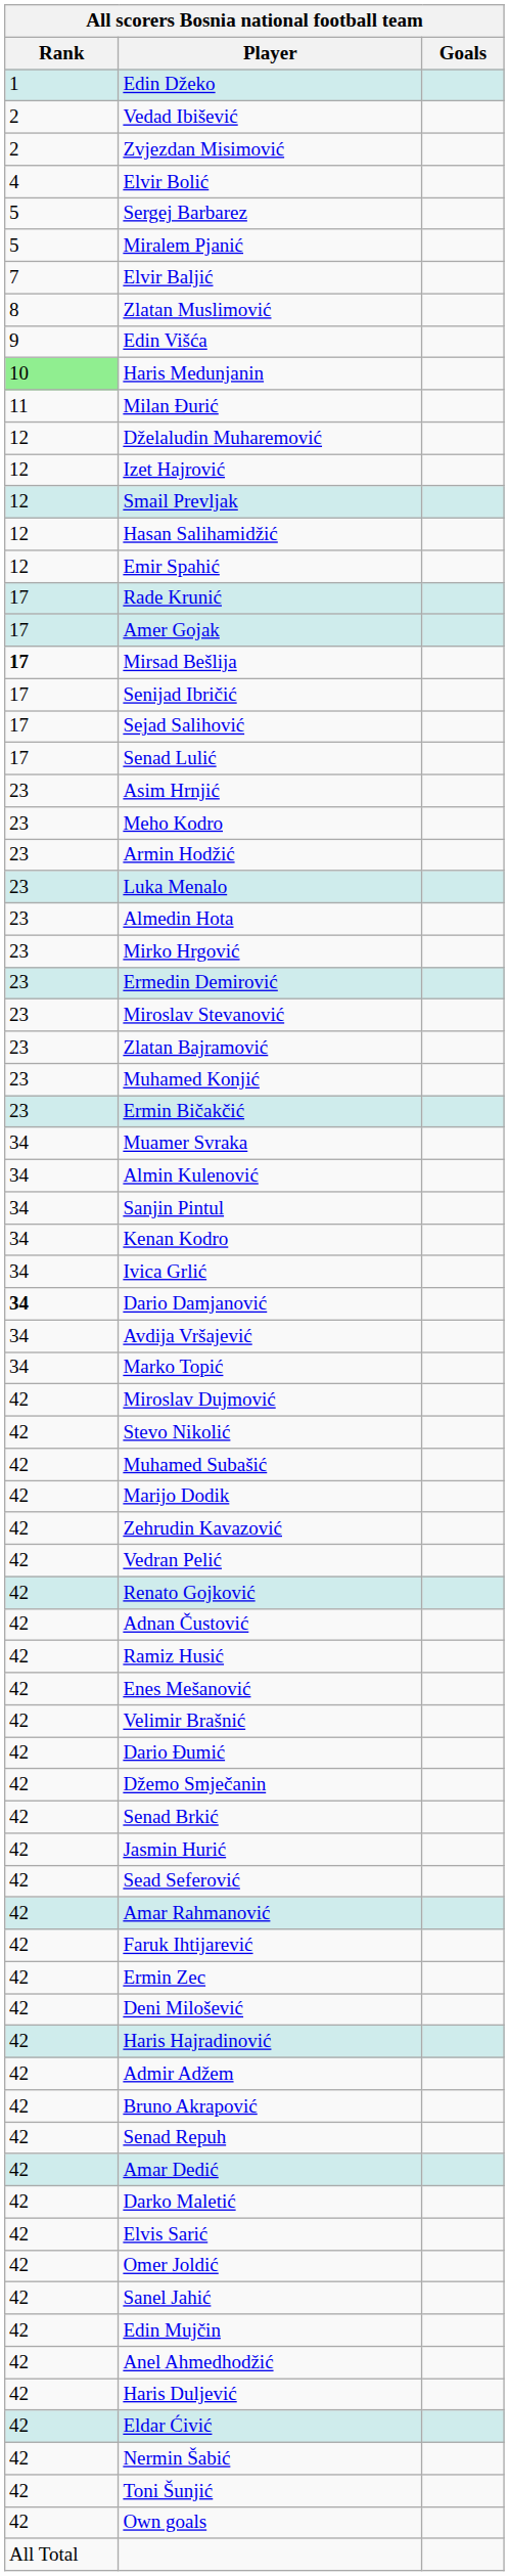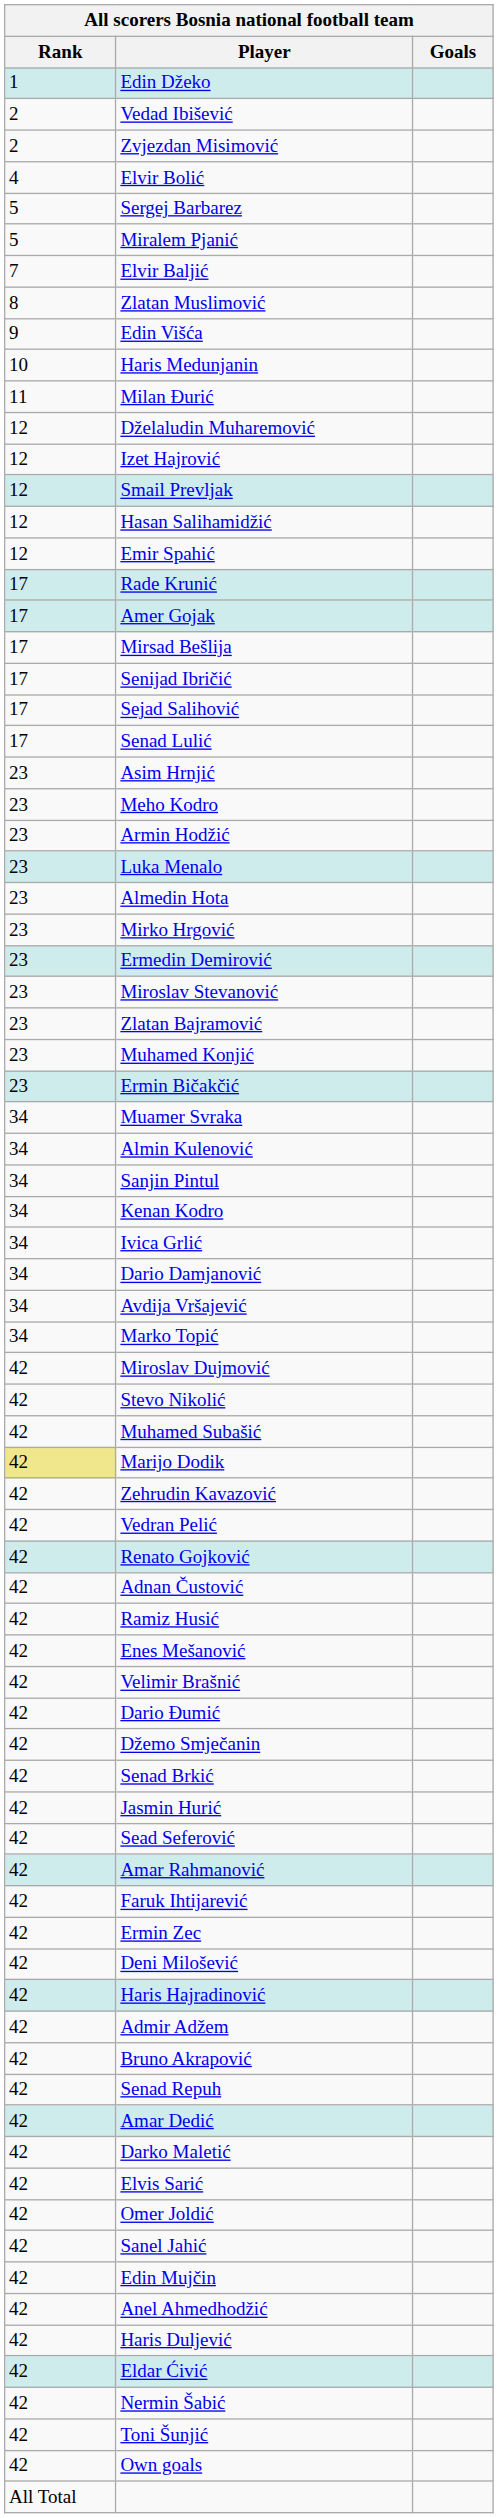 <table class="wikitable sortable collapsible" style="font-size: 90%" width=42%>
 <tr>
 <th colspan="3"><strong>All scorers Bosnia national football team</strong></th>
 </tr>
 <tr>
 <th>Rank</th>
 <th>Player</th>
 <th>Goals</th>
 </tr>
 <tr style="background:#cfecec;">
 <td>1</td>
 <td style="text-align: left;"><a href='#'>Edin Džeko</a></td>
 <td></td>
 </tr>
 <tr>
 <td>2</td>
 <td style="text-align: left;"><a href='#'>Vedad Ibišević</a></td>
 <td></td>
 </tr>
 <tr>
 <td>2</td>
 <td style="text-align: left;"><a href='#'>Zvjezdan Misimović</a></td>
 <td></td>
 </tr>
 <tr>
 <td>4</td>
 <td style="text-align: left;"><a href='#'>Elvir Bolić</a></td>
 <td></td>
 </tr>
 <tr>
 <td>5</td>
 <td style="text-align: left;"><a href='#'>Sergej Barbarez</a></td>
 <td></td>
 </tr>
 <tr>
 <td>5</td>
 <td style="text-align: left;"><a href='#'>Miralem Pjanić</a></td>
 <td></td>
 </tr>
 <tr>
 <td>7</td>
 <td style="text-align: left;"><a href='#'>Elvir Baljić</a></td>
 <td></td>
 </tr>
 <tr>
 <td>8</td>
 <td style="text-align: left;"><a href='#'>Zlatan Muslimović</a></td>
 <td></td>
 </tr>
 <tr>
 <td>9</td>
 <td style="text-align: left;"><a href='#'>Edin Višća</a></td>
 <td></td>
 </tr>
 <tr>
-<td style="background: lightgreen;">10</td>
+<td>10</td>
 <td style="text-align: left;"><a href='#'>Haris Medunjanin</a></td>
 <td></td>
 </tr>
 <tr>
 <td>11</td>
 <td style="text-align: left;"><a href='#'>Milan Đurić</a></td>
 <td></td>
 </tr>
 <tr>
 <td>12</td>
 <td style="text-align: left;"><a href='#'>Dželaludin Muharemović</a></td>
 <td></td>
 </tr>
 <tr>
 <td>12</td>
 <td style="text-align: left;"><a href='#'>Izet Hajrović</a></td>
 <td></td>
 </tr>
 <tr style="background:#cfecec;">
 <td>12</td>
 <td style="text-align: left;"><a href='#'>Smail Prevljak</a></td>
 <td></td>
 </tr>
 <tr>
 <td>12</td>
 <td style="text-align: left;"><a href='#'>Hasan Salihamidžić</a></td>
 <td></td>
 </tr>
 <tr>
 <td>12</td>
 <td style="text-align: left;"><a href='#'>Emir Spahić</a></td>
 <td></td>
 </tr>
 <tr style="background:#cfecec;">
 <td>17</td>
 <td style="text-align: left;"><a href='#'>Rade Krunić</a></td>
 <td></td>
 </tr>
 <tr style="background:#cfecec;">
 <td>17</td>
 <td style="text-align: left;"><a href='#'>Amer Gojak</a></td>
 <td></td>
 </tr>
 <tr>
-<td><strong>17</strong></td>
+<td>17</td>
 <td style="text-align: left;"><a href='#'>Mirsad Bešlija</a></td>
 <td></td>
 </tr>
 <tr>
 <td>17</td>
 <td style="text-align: left;"><a href='#'>Senijad Ibričić</a></td>
 <td></td>
 </tr>
 <tr>
 <td>17</td>
 <td style="text-align: left;"><a href='#'>Sejad Salihović</a></td>
 <td></td>
 </tr>
 <tr>
 <td>17</td>
 <td style="text-align: left;"><a href='#'>Senad Lulić</a></td>
 <td></td>
 </tr>
 <tr>
 <td>23</td>
 <td style="text-align: left;"><a href='#'>Asim Hrnjić</a></td>
 <td></td>
 </tr>
 <tr>
 <td>23</td>
 <td style="text-align: left;"><a href='#'>Meho Kodro</a></td>
 <td></td>
 </tr>
 <tr>
 <td>23</td>
 <td style="text-align: left;"><a href='#'>Armin Hodžić</a></td>
 <td></td>
 </tr>
 <tr style="background:#cfecec;">
 <td>23</td>
 <td style="text-align: left;"><a href='#'>Luka Menalo</a></td>
 <td></td>
 </tr>
 <tr>
 <td>23</td>
 <td style="text-align: left;"><a href='#'>Almedin Hota</a></td>
 <td></td>
 </tr>
 <tr>
 <td>23</td>
 <td style="text-align: left;"><a href='#'>Mirko Hrgović</a></td>
 <td></td>
 </tr>
 <tr style="background:#cfecec;">
 <td>23</td>
 <td style="text-align: left;"><a href='#'>Ermedin Demirović</a></td>
 <td></td>
 </tr>
 <tr>
 <td>23</td>
 <td style="text-align: left;"><a href='#'>Miroslav Stevanović</a></td>
 <td></td>
 </tr>
 <tr>
 <td>23</td>
 <td style="text-align: left;"><a href='#'>Zlatan Bajramović</a></td>
 <td></td>
 </tr>
 <tr>
 <td>23</td>
 <td style="text-align: left;"><a href='#'>Muhamed Konjić</a></td>
 <td></td>
 </tr>
 <tr style="background:#cfecec;">
 <td>23</td>
 <td style="text-align: left;"><a href='#'>Ermin Bičakčić</a></td>
 <td></td>
 </tr>
 <tr>
 <td>34</td>
 <td style="text-align: left;"><a href='#'>Muamer Svraka</a></td>
 <td></td>
 </tr>
 <tr>
 <td>34</td>
 <td style="text-align: left;"><a href='#'>Almin Kulenović</a></td>
 <td></td>
 </tr>
 <tr>
 <td>34</td>
 <td style="text-align: left;"><a href='#'>Sanjin Pintul</a></td>
 <td></td>
 </tr>
 <tr>
 <td>34</td>
 <td style="text-align: left;"><a href='#'>Kenan Kodro</a></td>
 <td></td>
 </tr>
 <tr>
 <td>34</td>
 <td style="text-align: left;"><a href='#'>Ivica Grlić</a></td>
 <td></td>
 </tr>
 <tr>
-<td><strong>34</strong></td>
+<td>34</td>
 <td style="text-align: left;"><a href='#'>Dario Damjanović</a></td>
 <td></td>
 </tr>
 <tr>
 <td>34</td>
 <td style="text-align: left;"><a href='#'>Avdija Vršajević</a></td>
 <td></td>
 </tr>
 <tr>
 <td>34</td>
 <td style="text-align: left;"><a href='#'>Marko Topić</a></td>
 <td></td>
 </tr>
 <tr>
 <td>42</td>
 <td style="text-align: left;"><a href='#'>Miroslav Dujmović</a></td>
 <td></td>
 </tr>
 <tr>
 <td>42</td>
 <td style="text-align: left;"><a href='#'>Stevo Nikolić</a></td>
 <td></td>
 </tr>
 <tr>
 <td>42</td>
 <td style="text-align: left;"><a href='#'>Muhamed Subašić</a></td>
 <td></td>
 </tr>
 <tr>
-<td>42</td>
+<td style="background: khaki;">42</td>
 <td style="text-align: left;"><a href='#'>Marijo Dodik</a></td>
 <td></td>
 </tr>
 <tr>
 <td>42</td>
 <td style="text-align: left;"><a href='#'>Zehrudin Kavazović</a></td>
 <td></td>
 </tr>
 <tr>
 <td>42</td>
 <td style="text-align: left;"><a href='#'>Vedran Pelić</a></td>
 <td></td>
 </tr>
 <tr style="background:#cfecec;">
 <td>42</td>
 <td style="text-align: left;"><a href='#'>Renato Gojković</a></td>
 <td></td>
 </tr>
 <tr>
 <td>42</td>
 <td style="text-align: left;"><a href='#'>Adnan Čustović</a></td>
 <td></td>
 </tr>
 <tr>
 <td>42</td>
 <td style="text-align: left;"><a href='#'>Ramiz Husić</a></td>
 <td></td>
 </tr>
 <tr>
 <td>42</td>
 <td style="text-align: left;"><a href='#'>Enes Mešanović</a></td>
 <td></td>
 </tr>
 <tr>
 <td>42</td>
 <td style="text-align: left;"><a href='#'>Velimir Brašnić</a></td>
 <td></td>
 </tr>
 <tr>
 <td>42</td>
 <td style="text-align: left;"><a href='#'>Dario Đumić</a></td>
 <td></td>
 </tr>
 <tr>
 <td>42</td>
 <td style="text-align: left;"><a href='#'>Džemo Smječanin</a></td>
 <td></td>
 </tr>
 <tr>
 <td>42</td>
 <td style="text-align: left;"><a href='#'>Senad Brkić</a></td>
 <td></td>
 </tr>
 <tr>
 <td>42</td>
 <td style="text-align: left;"><a href='#'>Jasmin Hurić</a></td>
 <td></td>
 </tr>
 <tr>
 <td>42</td>
 <td style="text-align: left;"><a href='#'>Sead Seferović</a></td>
 <td></td>
 </tr>
 <tr style="background:#cfecec;">
 <td>42</td>
 <td style="text-align: left;"><a href='#'>Amar Rahmanović</a></td>
 <td></td>
 </tr>
 <tr>
 <td>42</td>
 <td style="text-align: left;"><a href='#'>Faruk Ihtijarević</a></td>
 <td></td>
 </tr>
 <tr>
 <td>42</td>
 <td style="text-align: left;"><a href='#'>Ermin Zec</a></td>
 <td></td>
 </tr>
 <tr>
 <td>42</td>
 <td style="text-align: left;"><a href='#'>Deni Milošević</a></td>
 <td></td>
 </tr>
 <tr style="background:#cfecec;">
 <td>42</td>
 <td style="text-align: left;"><a href='#'>Haris Hajradinović</a></td>
 <td></td>
 </tr>
 <tr>
 <td>42</td>
 <td style="text-align: left;"><a href='#'>Admir Adžem</a></td>
 <td></td>
 </tr>
 <tr>
 <td>42</td>
 <td style="text-align: left;"><a href='#'>Bruno Akrapović</a></td>
 <td></td>
 </tr>
 <tr>
 <td>42</td>
 <td style="text-align: left;"><a href='#'>Senad Repuh</a></td>
 <td></td>
 </tr>
 <tr style="background:#cfecec;">
 <td>42</td>
 <td style="text-align: left;"><a href='#'>Amar Dedić</a></td>
 <td></td>
 </tr>
 <tr>
 <td>42</td>
 <td style="text-align: left;"><a href='#'>Darko Maletić</a></td>
 <td></td>
 </tr>
 <tr>
 <td>42</td>
 <td style="text-align: left;"><a href='#'>Elvis Sarić</a></td>
 <td></td>
 </tr>
 <tr>
 <td>42</td>
 <td style="text-align: left;"><a href='#'>Omer Joldić</a></td>
 <td></td>
 </tr>
 <tr>
 <td>42</td>
 <td style="text-align: left;"><a href='#'>Sanel Jahić</a></td>
 <td></td>
 </tr>
 <tr>
 <td>42</td>
 <td style="text-align: left;"><a href='#'>Edin Mujčin</a></td>
 <td></td>
 </tr>
 <tr>
 <td>42</td>
 <td style="text-align: left;"><a href='#'>Anel Ahmedhodžić</a></td>
 <td></td>
 </tr>
 <tr>
 <td>42</td>
 <td style="text-align: left;"><a href='#'>Haris Duljević</a></td>
 <td></td>
 </tr>
 <tr style="background:#cfecec;">
 <td>42</td>
 <td style="text-align: left;"><a href='#'>Eldar Ćivić</a></td>
 <td></td>
 </tr>
 <tr>
 <td>42</td>
 <td style="text-align: left;"><a href='#'>Nermin Šabić</a></td>
 <td></td>
 </tr>
 <tr>
 <td>42</td>
 <td style="text-align: left;"><a href='#'>Toni Šunjić</a></td>
 <td></td>
 </tr>
 <tr>
 <td>42</td>
 <td style="text-align: left;"><a href='#'>Own goals</a></td>
 <td></td>
 </tr>
 <tr>
 <td>All Total</td>
 <td style="text-align: left;"></td>
 <td></td>
 </tr>
 </table>
